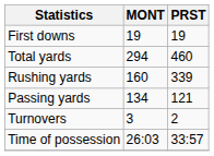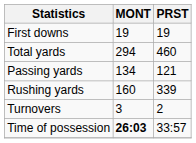 <table class="wikitable" style="float: left;">
 <tr>
 <th>Statistics</th>
 <th>MONT</th>
 <th>PRST</th>
 </tr>
 <tr>
 <td>First downs</td>
 <td>19</td>
 <td>19</td>
 </tr>
 <tr>
 <td>Total yards</td>
 <td>294</td>
 <td>460</td>
 </tr>
 <tr>
+<td>Passing yards</td>
+<td>134</td>
+<td>121</td>
+</tr>
+<tr>
 <td>Rushing yards</td>
 <td>160</td>
 <td>339</td>
-</tr>
-<tr>
-<td>Passing yards</td>
-<td>134</td>
-<td>121</td>
 </tr>
 <tr>
 <td>Turnovers</td>
 <td>3</td>
 <td>2</td>
 </tr>
 <tr>
 <td>Time of possession</td>
-<td>26:03</td>
+<td><strong>26:03</strong></td>
 <td>33:57</td>
 </tr>
 <tr>
 </tr>
 </table>
